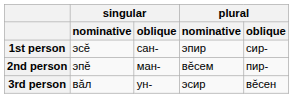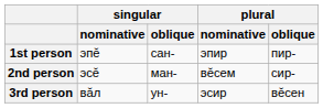 <table class="wikitable">
 <tr>
 <th></th>
 <th colspan="2">singular</th>
 <th colspan="2">plural</th>
 </tr>
 <tr>
 <th></th>
 <th>nominative</th>
 <th>oblique</th>
 <th>nominative</th>
 <th>oblique</th>
 </tr>
 <tr>
 <th>1st person</th>
-<td>эсӗ</td>
+<td>эпӗ</td>
 <td>сан-</td>
 <td>эпир</td>
-<td>сир-</td>
+<td>пир-</td>
 </tr>
 <tr>
 <th>2nd person</th>
-<td>эпӗ</td>
+<td>эсӗ</td>
 <td>ман-</td>
 <td>вӗсем</td>
-<td>пир-</td>
+<td>сир-</td>
 </tr>
 <tr>
 <th>3rd person</th>
 <td>вӑл</td>
 <td>ун-</td>
 <td>эсир</td>
 <td>вӗсен</td>
 </tr>
 </table>
